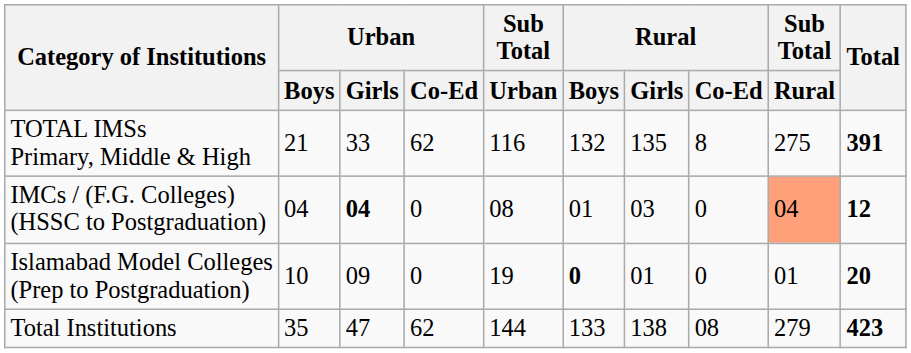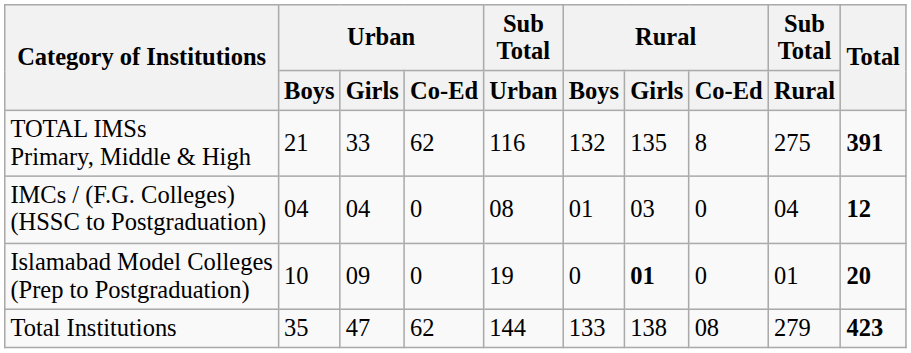 <table class="wikitable">
 <tr>
 <th rowspan="2">Category of Institutions</th>
 <th colspan="3">Urban</th>
 <th>Sub<br>Total</th>
 <th colspan="3">Rural</th>
 <th>Sub<br>Total</th>
 <th rowspan="2">Total</th>
 </tr>
 <tr>
 <th>Boys</th>
 <th>Girls</th>
 <th>Co-Ed</th>
 <th>Urban</th>
 <th>Boys</th>
 <th>Girls</th>
 <th>Co-Ed</th>
 <th>Rural</th>
 </tr>
 <tr>
 <td>TOTAL IMSs<br>Primary, Middle & High</td>
 <td>21</td>
 <td>33</td>
 <td>62</td>
 <td>116</td>
 <td>132</td>
 <td>135</td>
 <td>8</td>
 <td>275</td>
 <td><strong>391</strong></td>
 </tr>
 <tr>
 <td>IMCs / (F.G. Colleges)<br>(HSSC to Postgraduation)</td>
 <td>04</td>
-<td><strong>04</strong></td>
+<td>04</td>
 <td>0</td>
 <td>08</td>
 <td>01</td>
 <td>03</td>
 <td>0</td>
-<td style="background: lightsalmon;">04</td>
+<td>04</td>
 <td><strong>12</strong></td>
 </tr>
 <tr>
 <td>Islamabad Model Colleges<br>(Prep to Postgraduation)</td>
 <td>10</td>
 <td>09</td>
 <td>0</td>
 <td>19</td>
-<td><strong>0</strong></td>
-<td>01</td>
+<td>0</td>
+<td><strong>01</strong></td>
 <td>0</td>
 <td>01</td>
 <td><strong>20</strong></td>
 </tr>
 <tr>
 <td>Total  Institutions</td>
 <td>35</td>
 <td>47</td>
 <td>62</td>
 <td>144</td>
 <td>133</td>
 <td>138</td>
 <td>08</td>
 <td>279</td>
 <td><strong>423</strong></td>
 </tr>
 </table>
